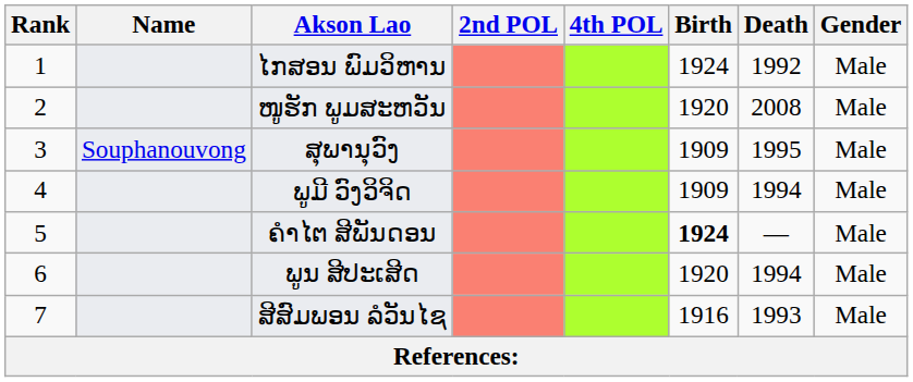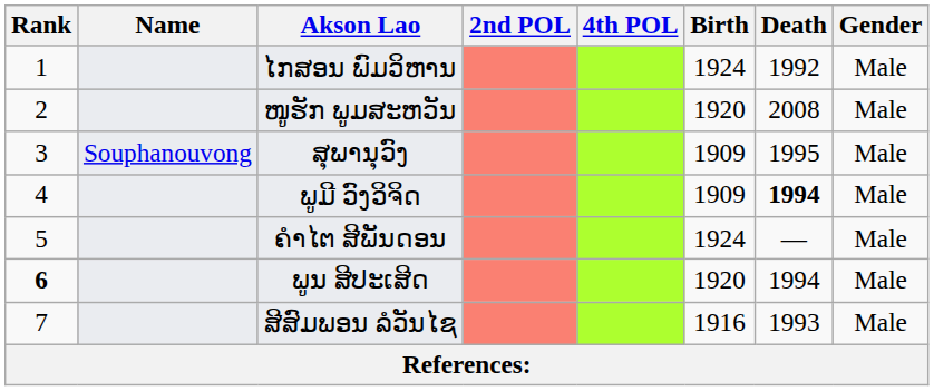 <table class="wikitable sortable" style=text-align:center>
 <tr>
 <th>Rank</th>
 <th>Name</th>
 <th class="unsortable"><a href='#'>Akson Lao</a></th>
 <th unsortable><a href='#'>2nd POL</a></th>
 <th unsortable><a href='#'>4th POL</a></th>
 <th>Birth</th>
 <th>Death</th>
 <th>Gender</th>
 </tr>
 <tr>
 <td>1</td>
 <td bgcolor = #EAECF0></td>
 <td bgcolor = #EAECF0>ໄກສອນ ພົມວິຫານ</td>
 <td bgcolor = Salmon></td>
 <td bgcolor = GreenYellow></td>
 <td>1924</td>
 <td>1992</td>
 <td>Male</td>
 </tr>
 <tr>
 <td>2</td>
 <td bgcolor = #EAECF0></td>
 <td bgcolor = #EAECF0>ໜູຮັກ ພູມສະຫວັນ</td>
 <td bgcolor = Salmon></td>
 <td bgcolor = GreenYellow></td>
 <td>1920</td>
 <td>2008</td>
 <td>Male</td>
 </tr>
 <tr>
 <td>3</td>
 <td bgcolor = #EAECF0><a href='#'>Souphanouvong</a></td>
 <td bgcolor = #EAECF0>ສຸພານຸວົງ</td>
 <td bgcolor = Salmon></td>
 <td bgcolor = GreenYellow></td>
 <td>1909</td>
 <td>1995</td>
 <td>Male</td>
 </tr>
 <tr>
 <td>4</td>
 <td bgcolor = #EAECF0></td>
 <td bgcolor = #EAECF0>ພູມີ ວົງວິຈິດ</td>
 <td bgcolor = Salmon></td>
 <td bgcolor = GreenYellow></td>
 <td>1909</td>
-<td>1994</td>
+<td><strong>1994</strong></td>
 <td>Male</td>
 </tr>
 <tr>
 <td>5</td>
 <td bgcolor = #EAECF0></td>
 <td bgcolor = #EAECF0>ຄໍາໄຕ ສີພັນດອນ</td>
 <td bgcolor = Salmon></td>
 <td bgcolor = GreenYellow></td>
-<td><strong>1924</strong></td>
+<td>1924</td>
 <td>—</td>
 <td>Male</td>
 </tr>
 <tr>
-<td>6</td>
+<td><strong>6</strong></td>
 <td bgcolor = #EAECF0></td>
 <td bgcolor = #EAECF0>ພູນ ສີປະເສີດ</td>
 <td bgcolor = Salmon></td>
 <td bgcolor = GreenYellow></td>
 <td>1920</td>
 <td>1994</td>
 <td>Male</td>
 </tr>
 <tr>
 <td>7</td>
 <td bgcolor = #EAECF0></td>
 <td bgcolor = #EAECF0>ສີສົມພອນ ລໍວັນໄຊ</td>
 <td bgcolor = Salmon></td>
 <td bgcolor = GreenYellow></td>
 <td>1916</td>
 <td>1993</td>
 <td>Male</td>
 </tr>
 <tr class=sortbottom>
 <th colspan = "23" align = left><strong>References:</strong><br></th>
 </tr>
 </table>
